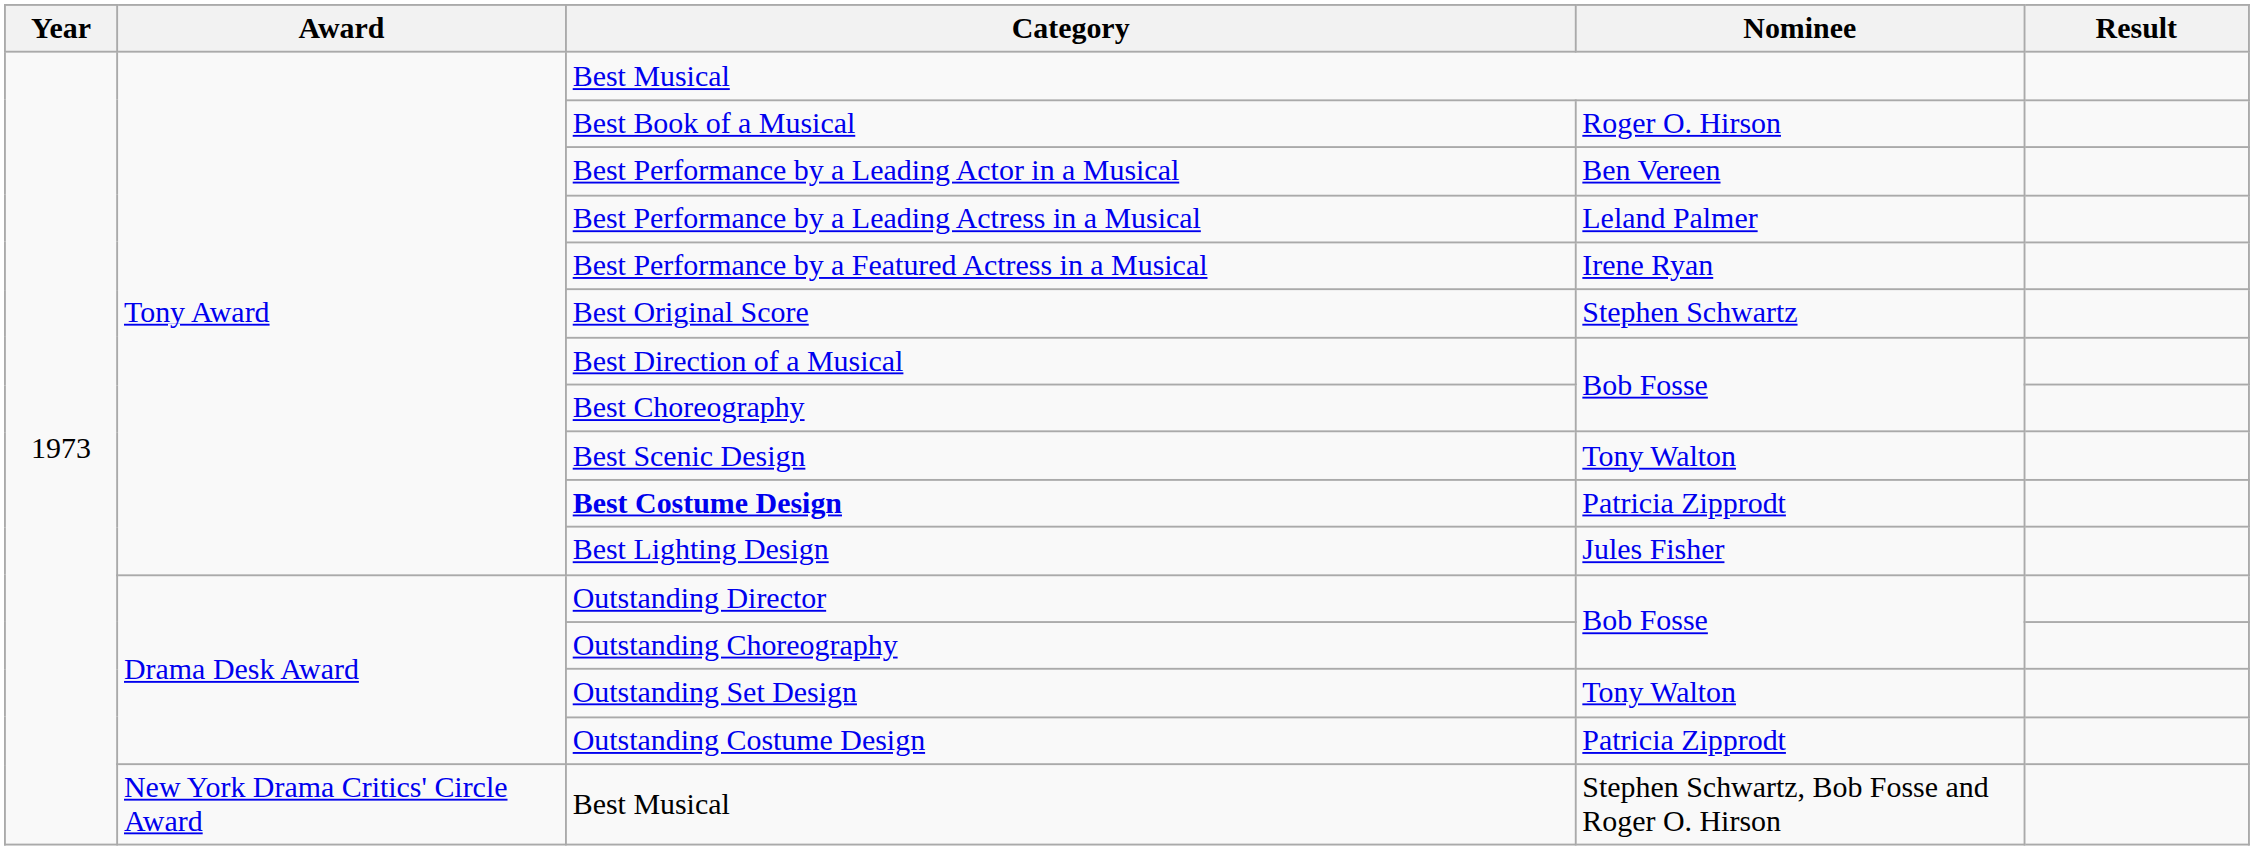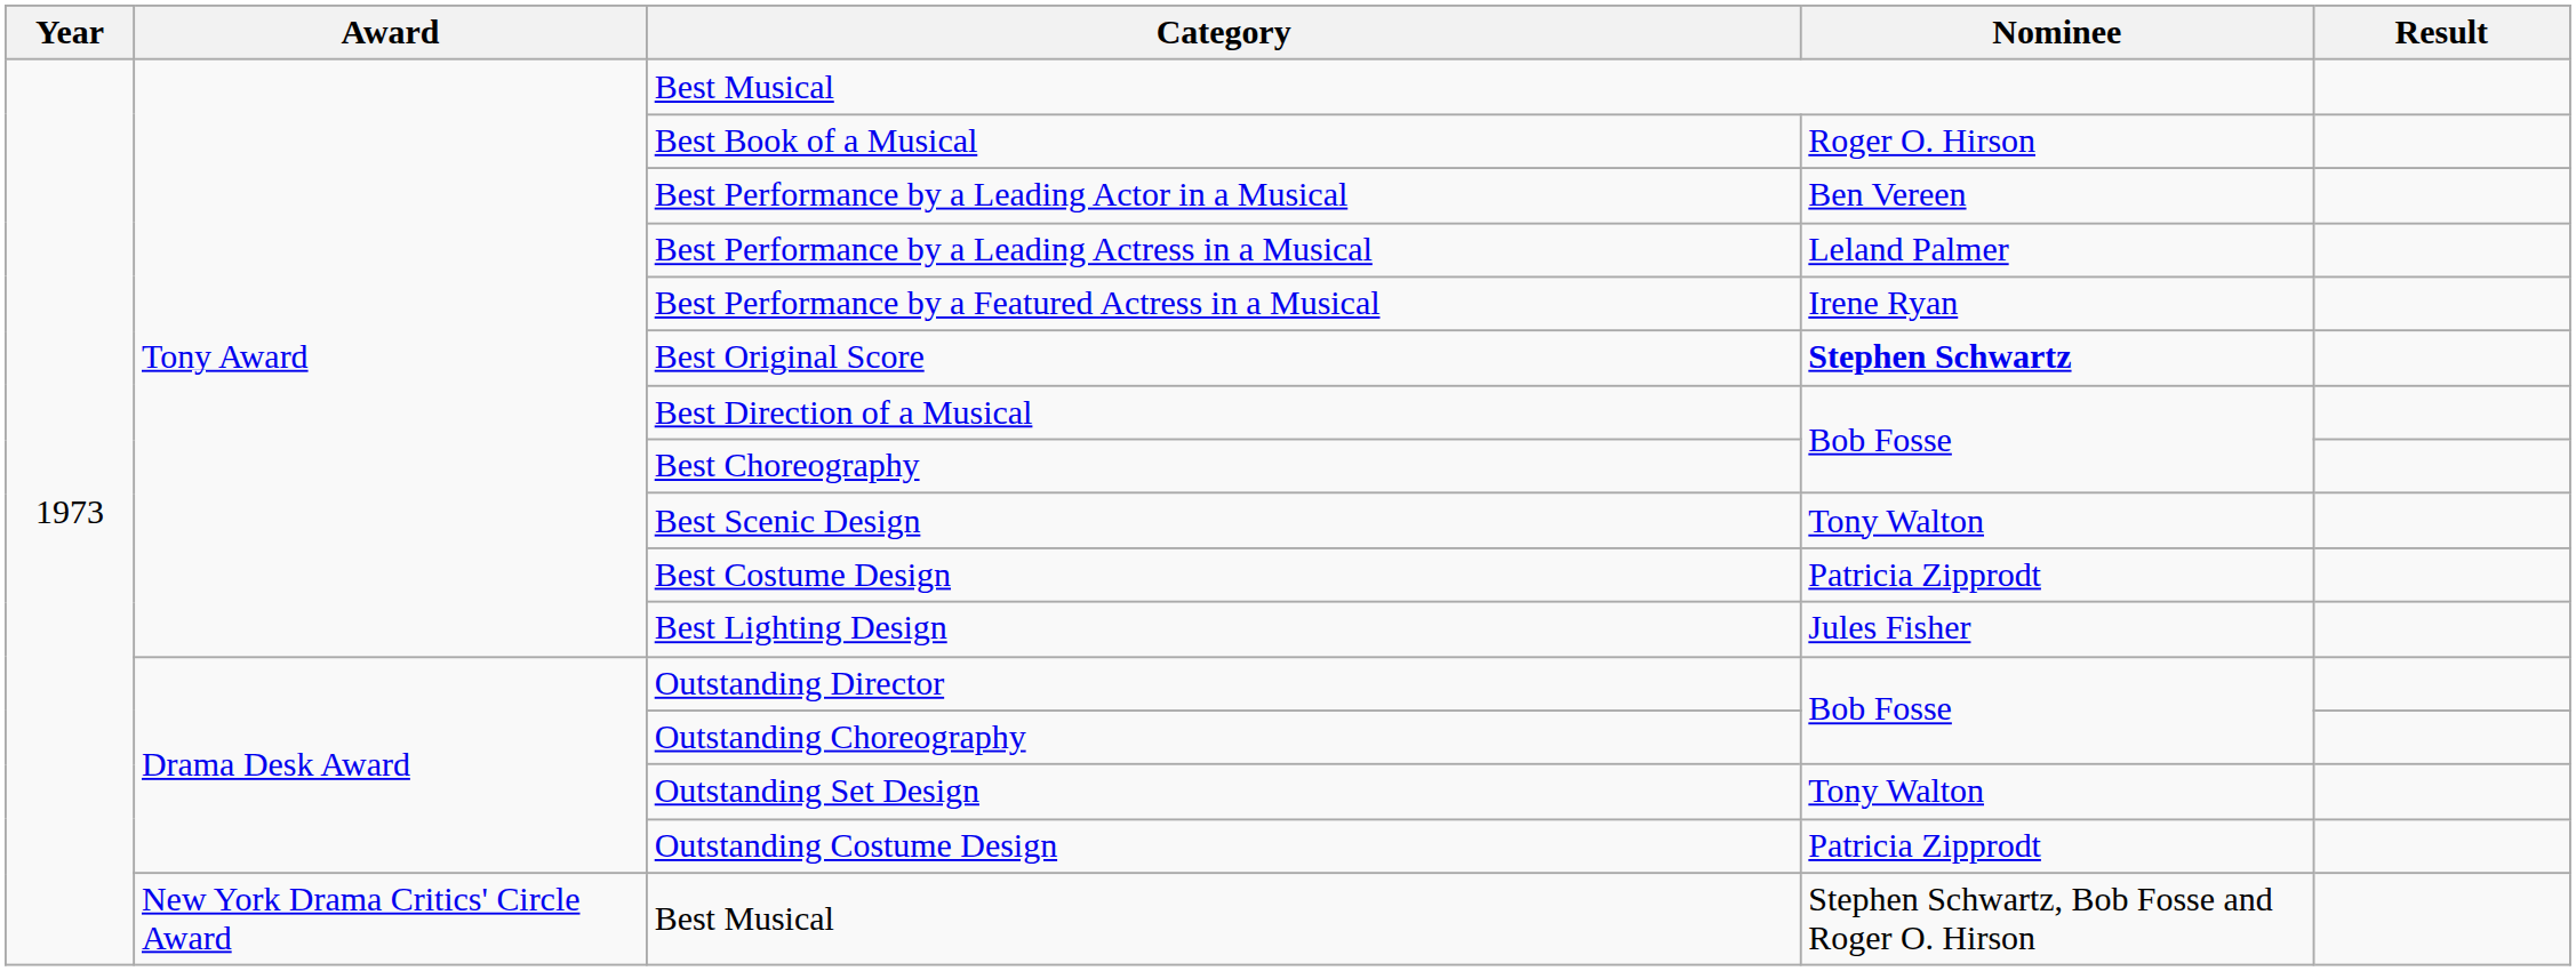 <table class="wikitable" style="width:95%;">
 <tr>
 <th style="width:5%;">Year</th>
 <th style="width:20%;">Award</th>
 <th style="width:45%;">Category</th>
 <th style="width:20%;">Nominee</th>
 <th style="width:10%;">Result</th>
 </tr>
 <tr>
 <td rowspan="16" style="text-align:center;">1973</td>
 <td rowspan="11"><a href='#'>Tony Award</a></td>
 <td colspan="2"><a href='#'>Best Musical</a></td>
 <td></td>
 </tr>
 <tr>
 <td><a href='#'>Best Book of a Musical</a></td>
 <td><a href='#'>Roger O. Hirson</a></td>
 <td></td>
 </tr>
 <tr>
 <td><a href='#'>Best Performance by a Leading Actor in a Musical</a></td>
 <td><a href='#'>Ben Vereen</a></td>
 <td></td>
 </tr>
 <tr>
 <td><a href='#'>Best Performance by a Leading Actress in a Musical</a></td>
 <td><a href='#'>Leland Palmer</a></td>
 <td></td>
 </tr>
 <tr>
 <td><a href='#'>Best Performance by a Featured Actress in a Musical</a></td>
 <td><a href='#'>Irene Ryan</a></td>
 <td></td>
 </tr>
 <tr>
 <td><a href='#'>Best Original Score</a></td>
-<td><a href='#'>Stephen Schwartz</a></td>
+<td><strong><a href='#'>Stephen Schwartz</a></strong></td>
 <td></td>
 </tr>
 <tr>
 <td><a href='#'>Best Direction of a Musical</a></td>
 <td rowspan="2"><a href='#'>Bob Fosse</a></td>
 <td></td>
 </tr>
 <tr>
 <td><a href='#'>Best Choreography</a></td>
 <td></td>
 </tr>
 <tr>
 <td><a href='#'>Best Scenic Design</a></td>
 <td><a href='#'>Tony Walton</a></td>
 <td></td>
 </tr>
 <tr>
-<td><strong><a href='#'>Best Costume Design</a></strong></td>
+<td><a href='#'>Best Costume Design</a></td>
 <td><a href='#'>Patricia Zipprodt</a></td>
 <td></td>
 </tr>
 <tr>
 <td><a href='#'>Best Lighting Design</a></td>
 <td><a href='#'>Jules Fisher</a></td>
 <td></td>
 </tr>
 <tr>
 <td rowspan="4"><a href='#'>Drama Desk Award</a></td>
 <td><a href='#'>Outstanding Director</a></td>
 <td rowspan="2"><a href='#'>Bob Fosse</a></td>
 <td></td>
 </tr>
 <tr>
 <td><a href='#'>Outstanding Choreography</a></td>
 <td></td>
 </tr>
 <tr>
 <td><a href='#'>Outstanding Set Design</a></td>
 <td><a href='#'>Tony Walton</a></td>
 <td></td>
 </tr>
 <tr>
 <td><a href='#'>Outstanding Costume Design</a></td>
 <td><a href='#'>Patricia Zipprodt</a></td>
 <td></td>
 </tr>
 <tr>
 <td><a href='#'>New York Drama Critics' Circle Award</a></td>
 <td>Best Musical</td>
 <td>Stephen Schwartz, Bob Fosse and Roger O. Hirson</td>
 <td></td>
 </tr>
 </table>
